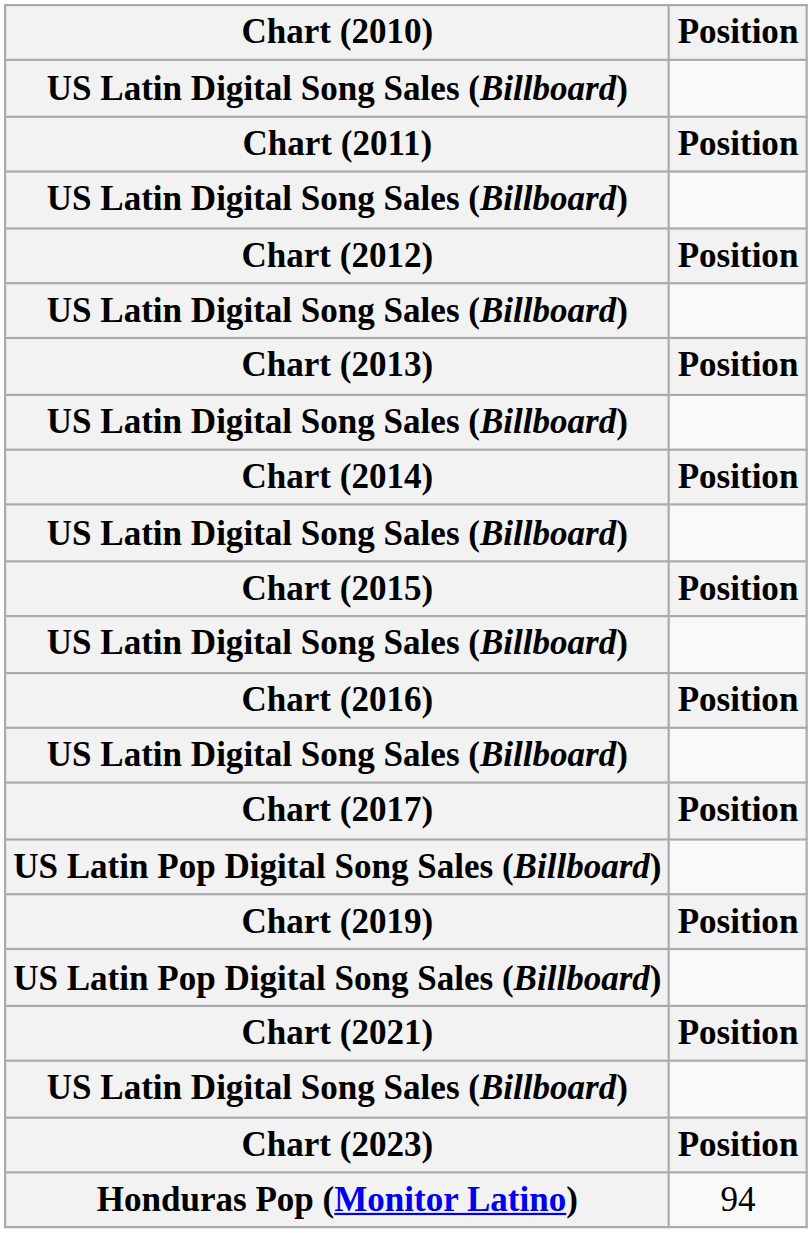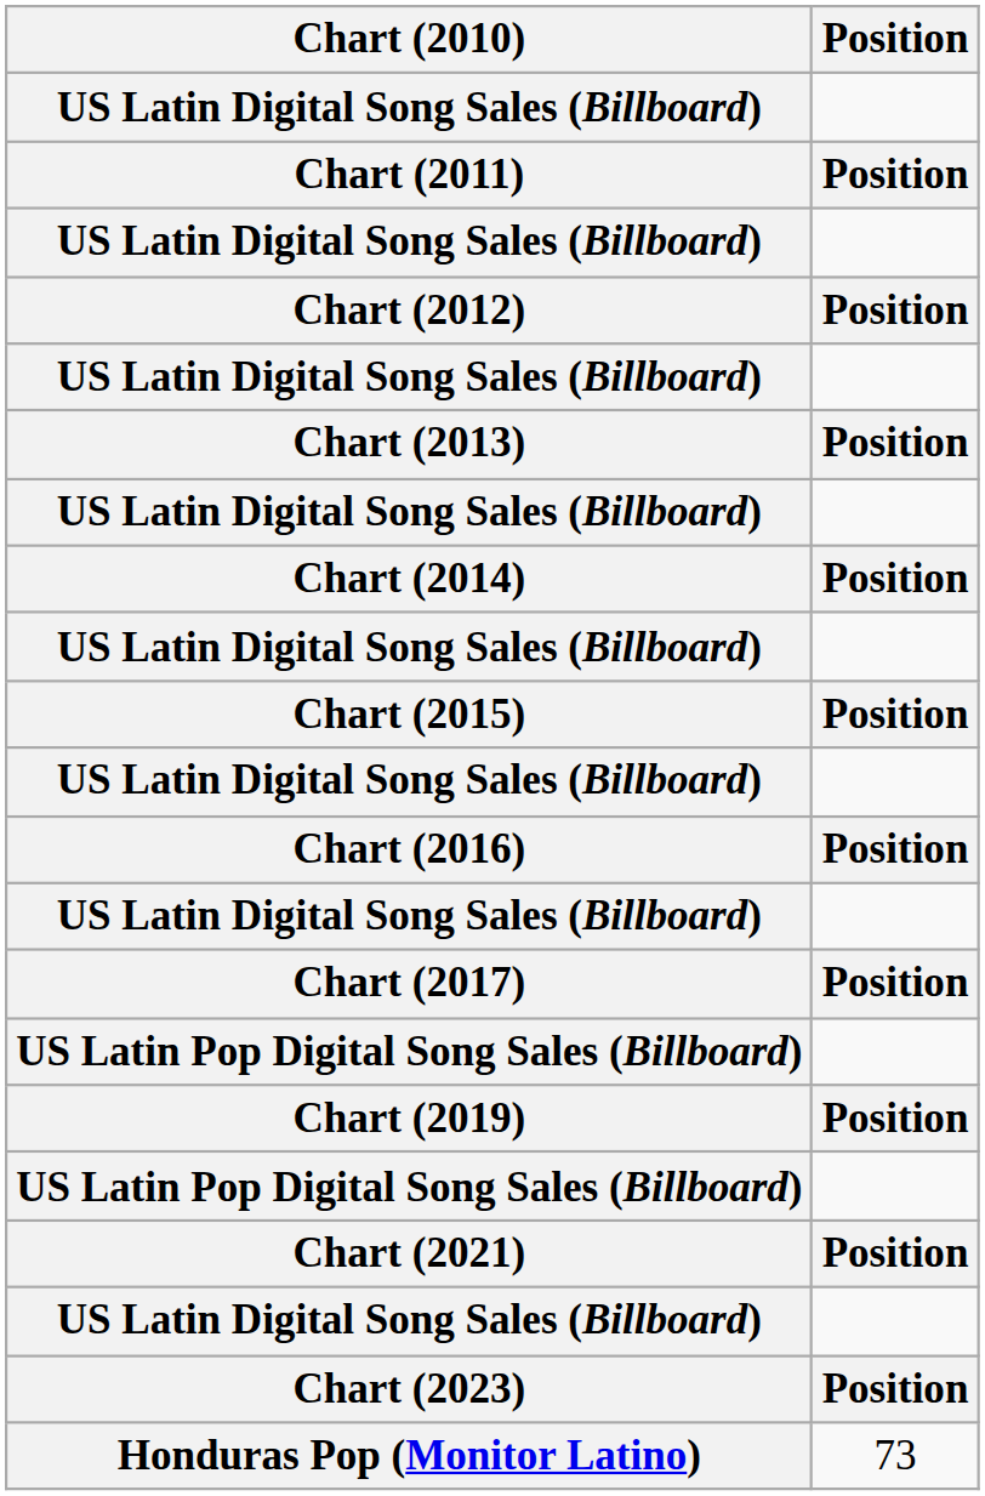 <table class="wikitable plainrowheaders" style="text-align:center">
 <tr>
 <th>Chart (2010)</th>
 <th>Position</th>
 </tr>
 <tr>
 <th scope="row">US Latin Digital Song Sales (<em>Billboard</em>)</th>
 <td></td>
 </tr>
 <tr>
 <th>Chart (2011)</th>
 <th>Position</th>
 </tr>
 <tr>
 <th scope="row">US Latin Digital Song Sales (<em>Billboard</em>)</th>
 <td></td>
 </tr>
 <tr>
 <th>Chart (2012)</th>
 <th>Position</th>
 </tr>
 <tr>
 <th scope="row">US Latin Digital Song Sales (<em>Billboard</em>)</th>
 <td></td>
 </tr>
 <tr>
 <th>Chart (2013)</th>
 <th>Position</th>
 </tr>
 <tr>
 <th scope="row">US Latin Digital Song Sales (<em>Billboard</em>)</th>
 <td></td>
 </tr>
 <tr>
 <th>Chart (2014)</th>
 <th>Position</th>
 </tr>
 <tr>
 <th scope="row">US Latin Digital Song Sales (<em>Billboard</em>)</th>
 <td></td>
 </tr>
 <tr>
 <th>Chart (2015)</th>
 <th>Position</th>
 </tr>
 <tr>
 <th scope="row">US Latin Digital Song Sales (<em>Billboard</em>)</th>
 <td></td>
 </tr>
 <tr>
 <th>Chart (2016)</th>
 <th>Position</th>
 </tr>
 <tr>
 <th scope="row">US Latin Digital Song Sales (<em>Billboard</em>)</th>
 <td></td>
 </tr>
 <tr>
 <th>Chart (2017)</th>
 <th>Position</th>
 </tr>
 <tr>
 <th scope="row">US Latin Pop Digital Song Sales (<em>Billboard</em>)</th>
 <td></td>
 </tr>
 <tr>
 <th>Chart (2019)</th>
 <th>Position</th>
 </tr>
 <tr>
 <th scope="row">US Latin Pop Digital Song Sales (<em>Billboard</em>)</th>
 <td></td>
 </tr>
 <tr>
 <th>Chart (2021)</th>
 <th>Position</th>
 </tr>
 <tr>
 <th scope="row">US Latin Digital Song Sales (<em>Billboard</em>)</th>
 <td></td>
 </tr>
 <tr>
 <th>Chart (2023)</th>
 <th>Position</th>
 </tr>
 <tr>
 <th scope="row">Honduras Pop (<a href='#'>Monitor Latino</a>)</th>
-<td>94</td>
+<td>73</td>
 </tr>
 </table>
